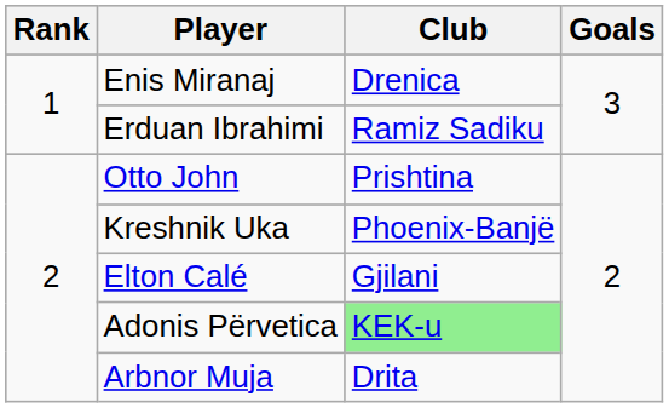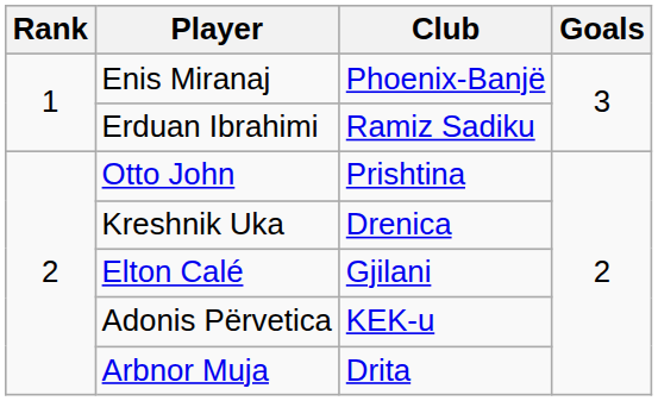 <table class="wikitable">
 <tr>
 <th>Rank</th>
 <th>Player</th>
 <th>Club</th>
 <th>Goals</th>
 </tr>
 <tr>
 <td rowspan="2" align="center">1</td>
 <td> Enis Miranaj</td>
-<td><a href='#'>Drenica</a></td>
+<td><a href='#'>Phoenix-Banjë</a></td>
 <td rowspan="2" align="center">3</td>
 </tr>
 <tr>
 <td> Erduan Ibrahimi</td>
 <td><a href='#'>Ramiz Sadiku</a></td>
 </tr>
 <tr>
 <td rowspan="5" align="center">2</td>
 <td> <a href='#'>Otto John</a></td>
 <td><a href='#'>Prishtina</a></td>
 <td rowspan="5" align="center">2</td>
 </tr>
 <tr>
 <td> Kreshnik Uka</td>
-<td><a href='#'>Phoenix-Banjë</a></td>
+<td><a href='#'>Drenica</a></td>
 </tr>
 <tr>
 <td> <a href='#'>Elton Calé</a></td>
 <td><a href='#'>Gjilani</a></td>
 </tr>
 <tr>
 <td> Adonis Përvetica</td>
-<td style="background: lightgreen;"><a href='#'>KEK-u</a></td>
+<td><a href='#'>KEK-u</a></td>
 </tr>
 <tr>
 <td> <a href='#'>Arbnor Muja</a></td>
 <td><a href='#'>Drita</a></td>
 </tr>
 </table>
